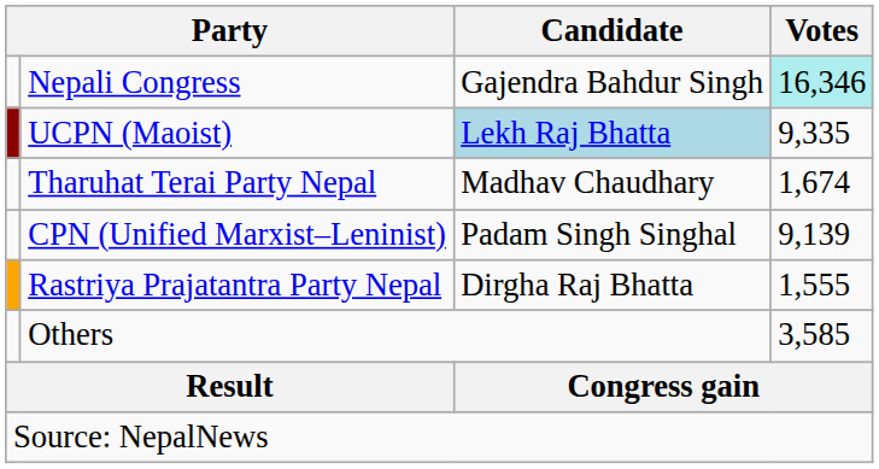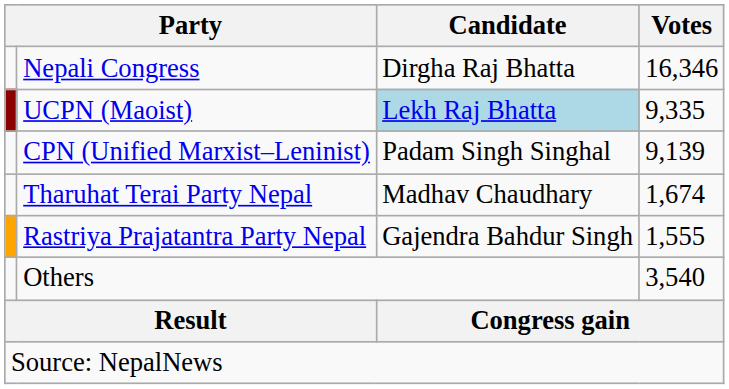 <table class="wikitable">
 <tr>
 <th colspan="2">Party</th>
 <th>Candidate</th>
 <th>Votes</th>
 </tr>
 <tr>
 <td style="background-color:"></td>
 <td><a href='#'>Nepali Congress</a></td>
-<td>Gajendra Bahdur Singh</td>
-<td style="background: paleturquoise;">16,346</td>
+<td>Dirgha Raj Bhatta</td>
+<td>16,346</td>
 </tr>
 <tr>
 <td style="background-color:darkred"></td>
 <td><a href='#'>UCPN (Maoist)</a></td>
 <td style="background: lightblue;"><a href='#'>Lekh Raj Bhatta</a></td>
 <td>9,335</td>
 </tr>
 <tr>
+<td style="background-color:"></td>
+<td><a href='#'>CPN (Unified Marxist–Leninist)</a></td>
+<td>Padam Singh Singhal</td>
+<td>9,139</td>
+</tr>
+<tr>
 <td></td>
 <td><a href='#'>Tharuhat Terai Party Nepal</a></td>
 <td>Madhav Chaudhary</td>
 <td>1,674</td>
 </tr>
 <tr>
-<td style="background-color:"></td>
-<td><a href='#'>CPN (Unified Marxist–Leninist)</a></td>
-<td>Padam Singh Singhal</td>
-<td>9,139</td>
-</tr>
-<tr>
 <td style="background-color:orange"></td>
 <td><a href='#'>Rastriya Prajatantra Party Nepal</a></td>
-<td>Dirgha Raj Bhatta</td>
+<td>Gajendra Bahdur Singh</td>
 <td>1,555</td>
 </tr>
 <tr>
 <td></td>
 <td colspan="2">Others</td>
-<td>3,585</td>
+<td>3,540</td>
 </tr>
 <tr>
 <th colspan="2">Result</th>
 <th colspan="2">Congress gain</th>
 </tr>
 <tr>
 <td colspan="4">Source: NepalNews</td>
 </tr>
 </table>
